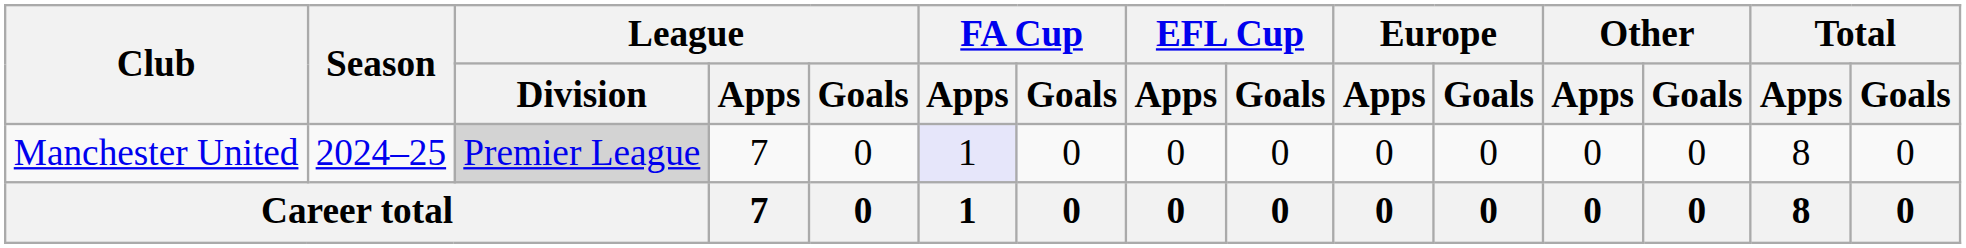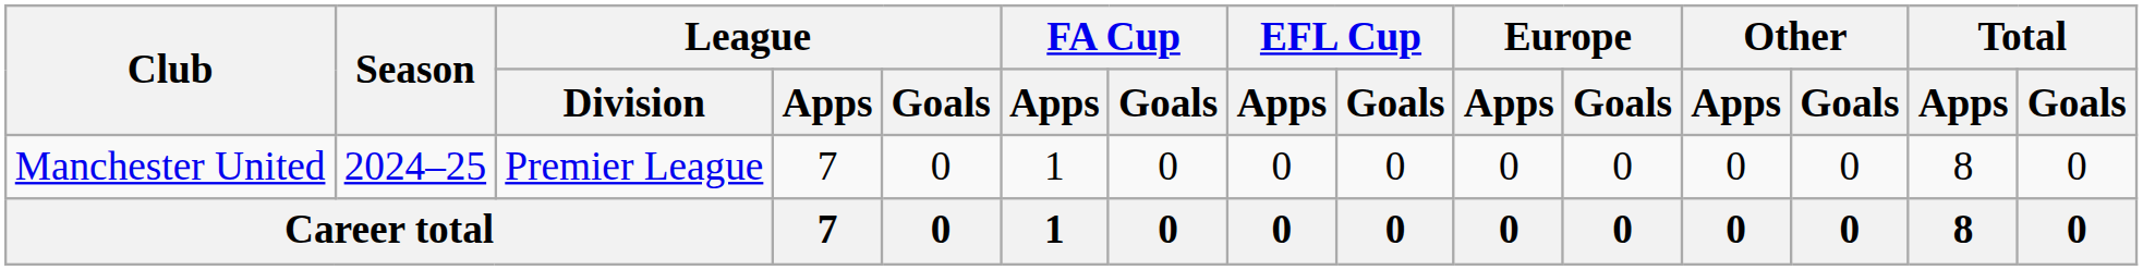 <table class="wikitable" style="text-align:center">
 <tr>
 <th rowspan="2">Club</th>
 <th rowspan="2">Season</th>
 <th colspan="3">League</th>
 <th colspan="2"><a href='#'>FA Cup</a></th>
 <th colspan="2"><a href='#'>EFL Cup</a></th>
 <th colspan="2">Europe</th>
 <th colspan="2">Other</th>
 <th colspan="2">Total</th>
 </tr>
 <tr>
 <th>Division</th>
 <th>Apps</th>
 <th>Goals</th>
 <th>Apps</th>
 <th>Goals</th>
 <th>Apps</th>
 <th>Goals</th>
 <th>Apps</th>
 <th>Goals</th>
 <th>Apps</th>
 <th>Goals</th>
 <th>Apps</th>
 <th>Goals</th>
 </tr>
 <tr>
 <td><a href='#'>Manchester United</a></td>
 <td><a href='#'>2024–25</a></td>
-<td style="background: lightgrey;"><a href='#'>Premier League</a></td>
+<td><a href='#'>Premier League</a></td>
 <td>7</td>
 <td>0</td>
-<td style="background: lavender;">1</td>
+<td>1</td>
 <td>0</td>
 <td>0</td>
 <td>0</td>
 <td>0</td>
 <td>0</td>
 <td>0</td>
 <td>0</td>
 <td>8</td>
 <td>0</td>
 </tr>
 <tr>
 <th colspan="3">Career total</th>
 <th>7</th>
 <th>0</th>
 <th>1</th>
 <th>0</th>
 <th>0</th>
 <th>0</th>
 <th>0</th>
 <th>0</th>
 <th>0</th>
 <th>0</th>
 <th>8</th>
 <th>0</th>
 </tr>
 </table>
